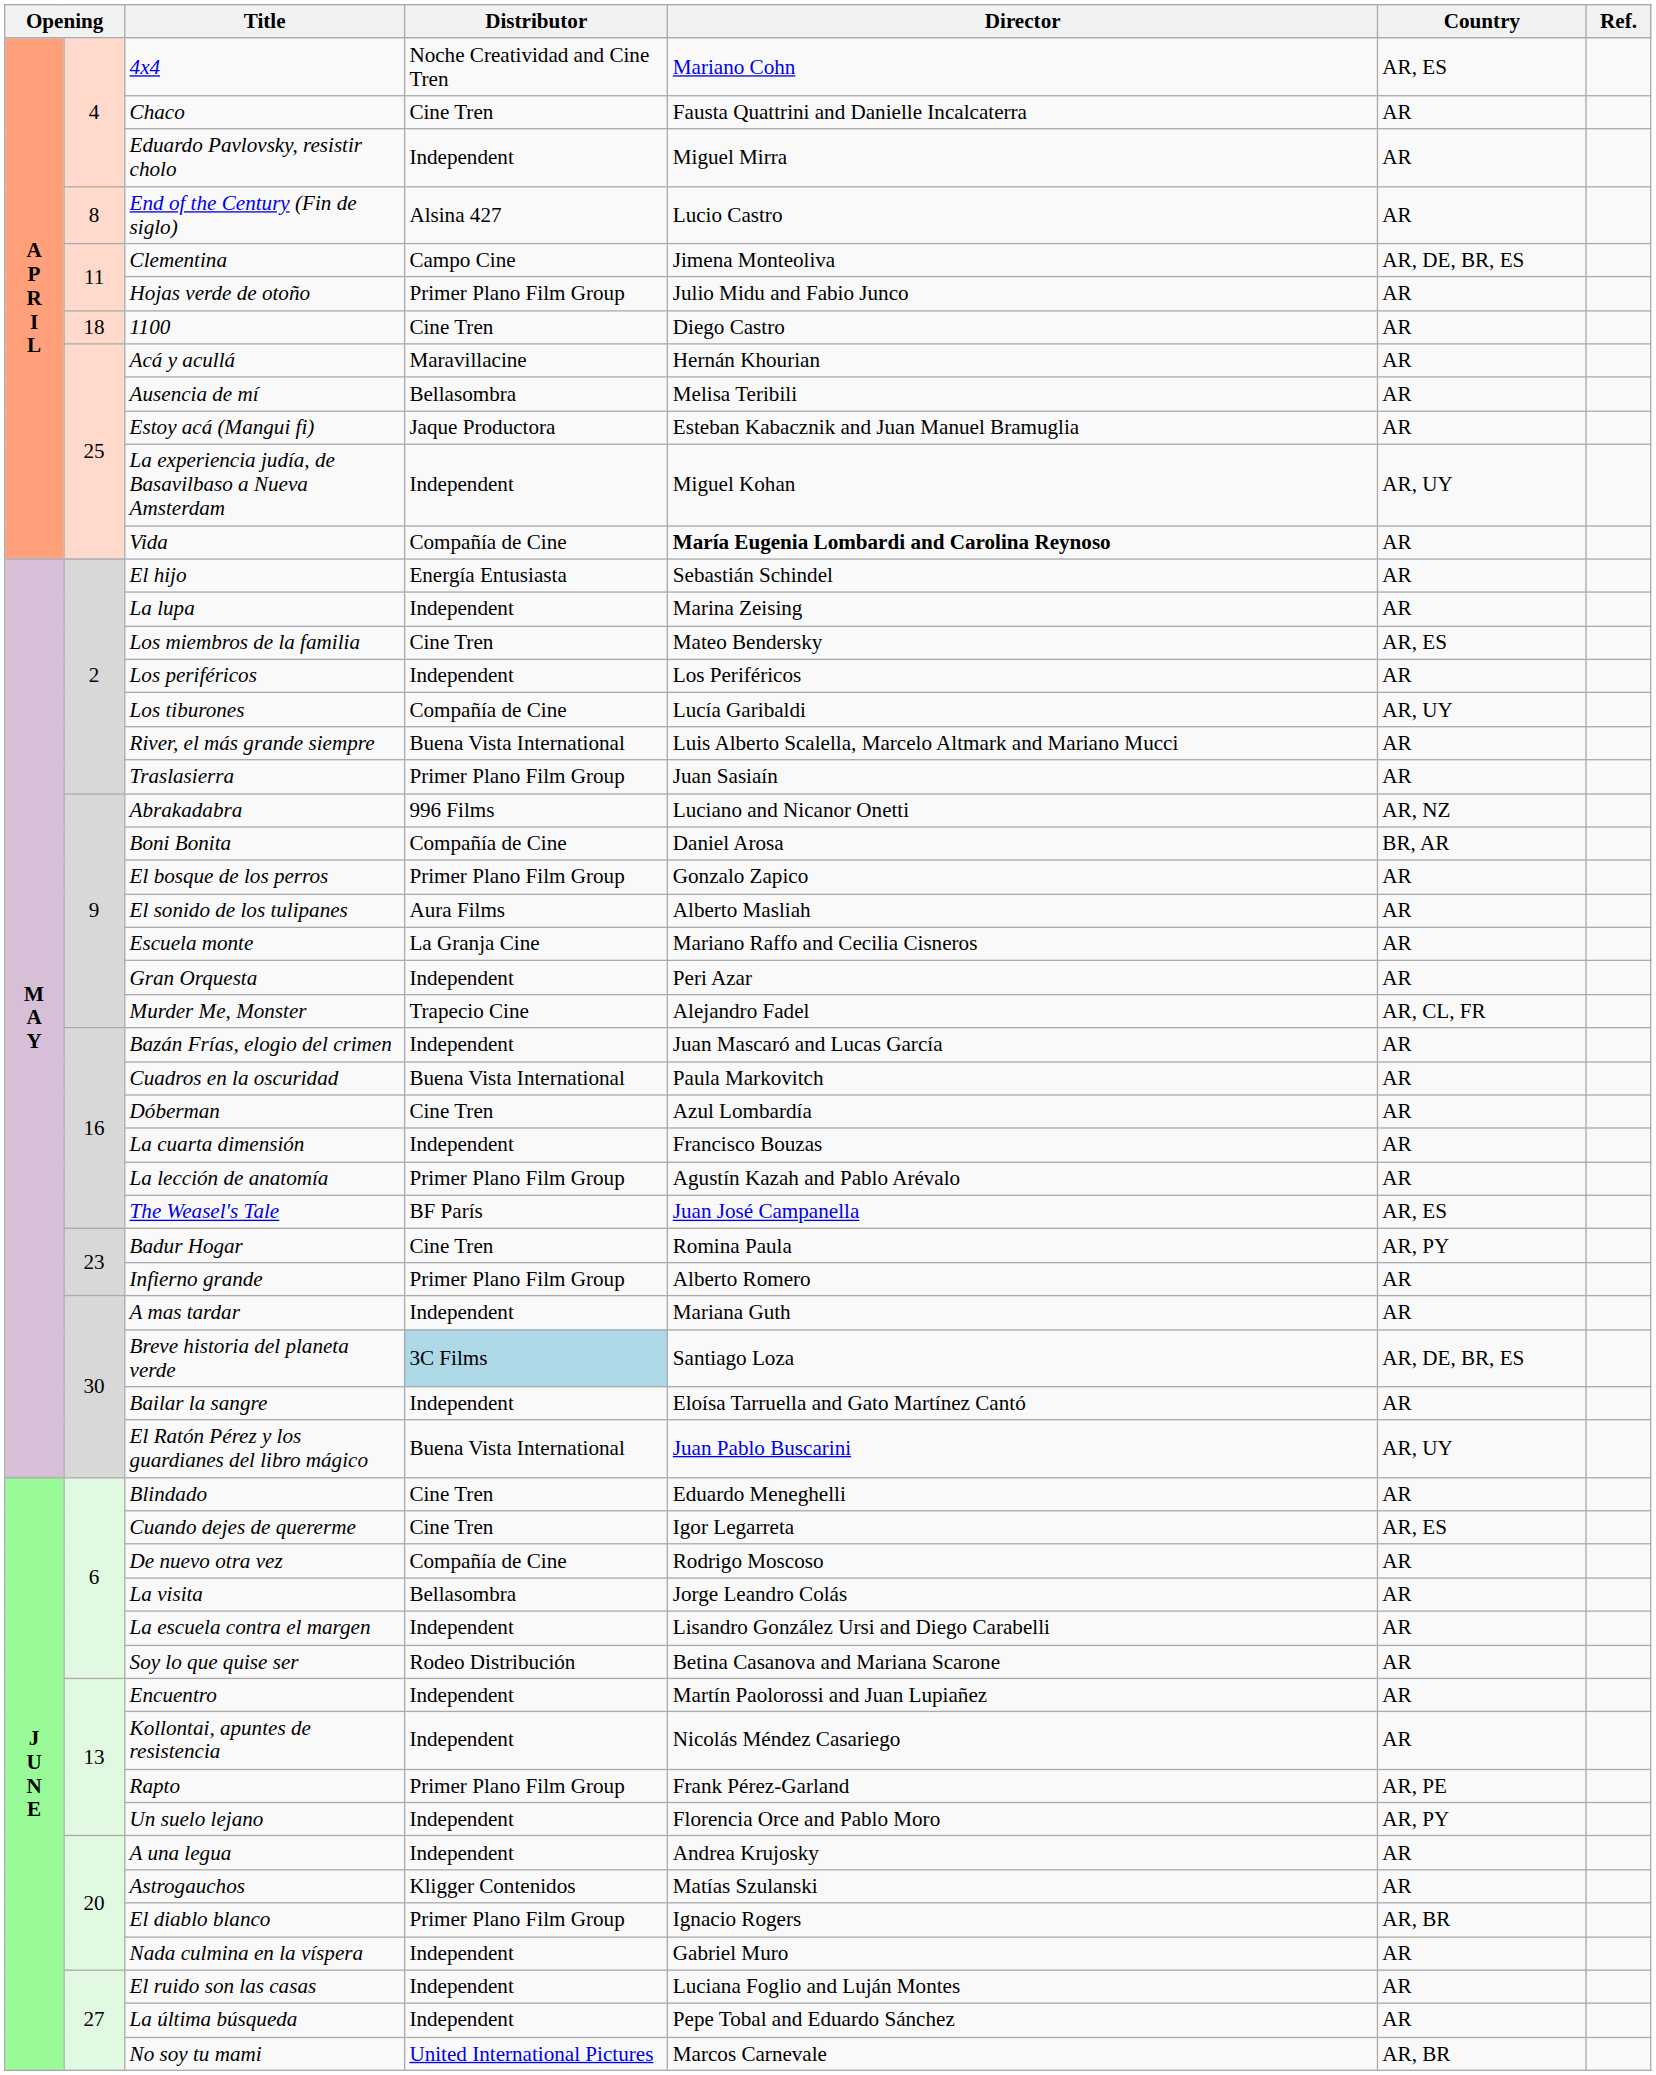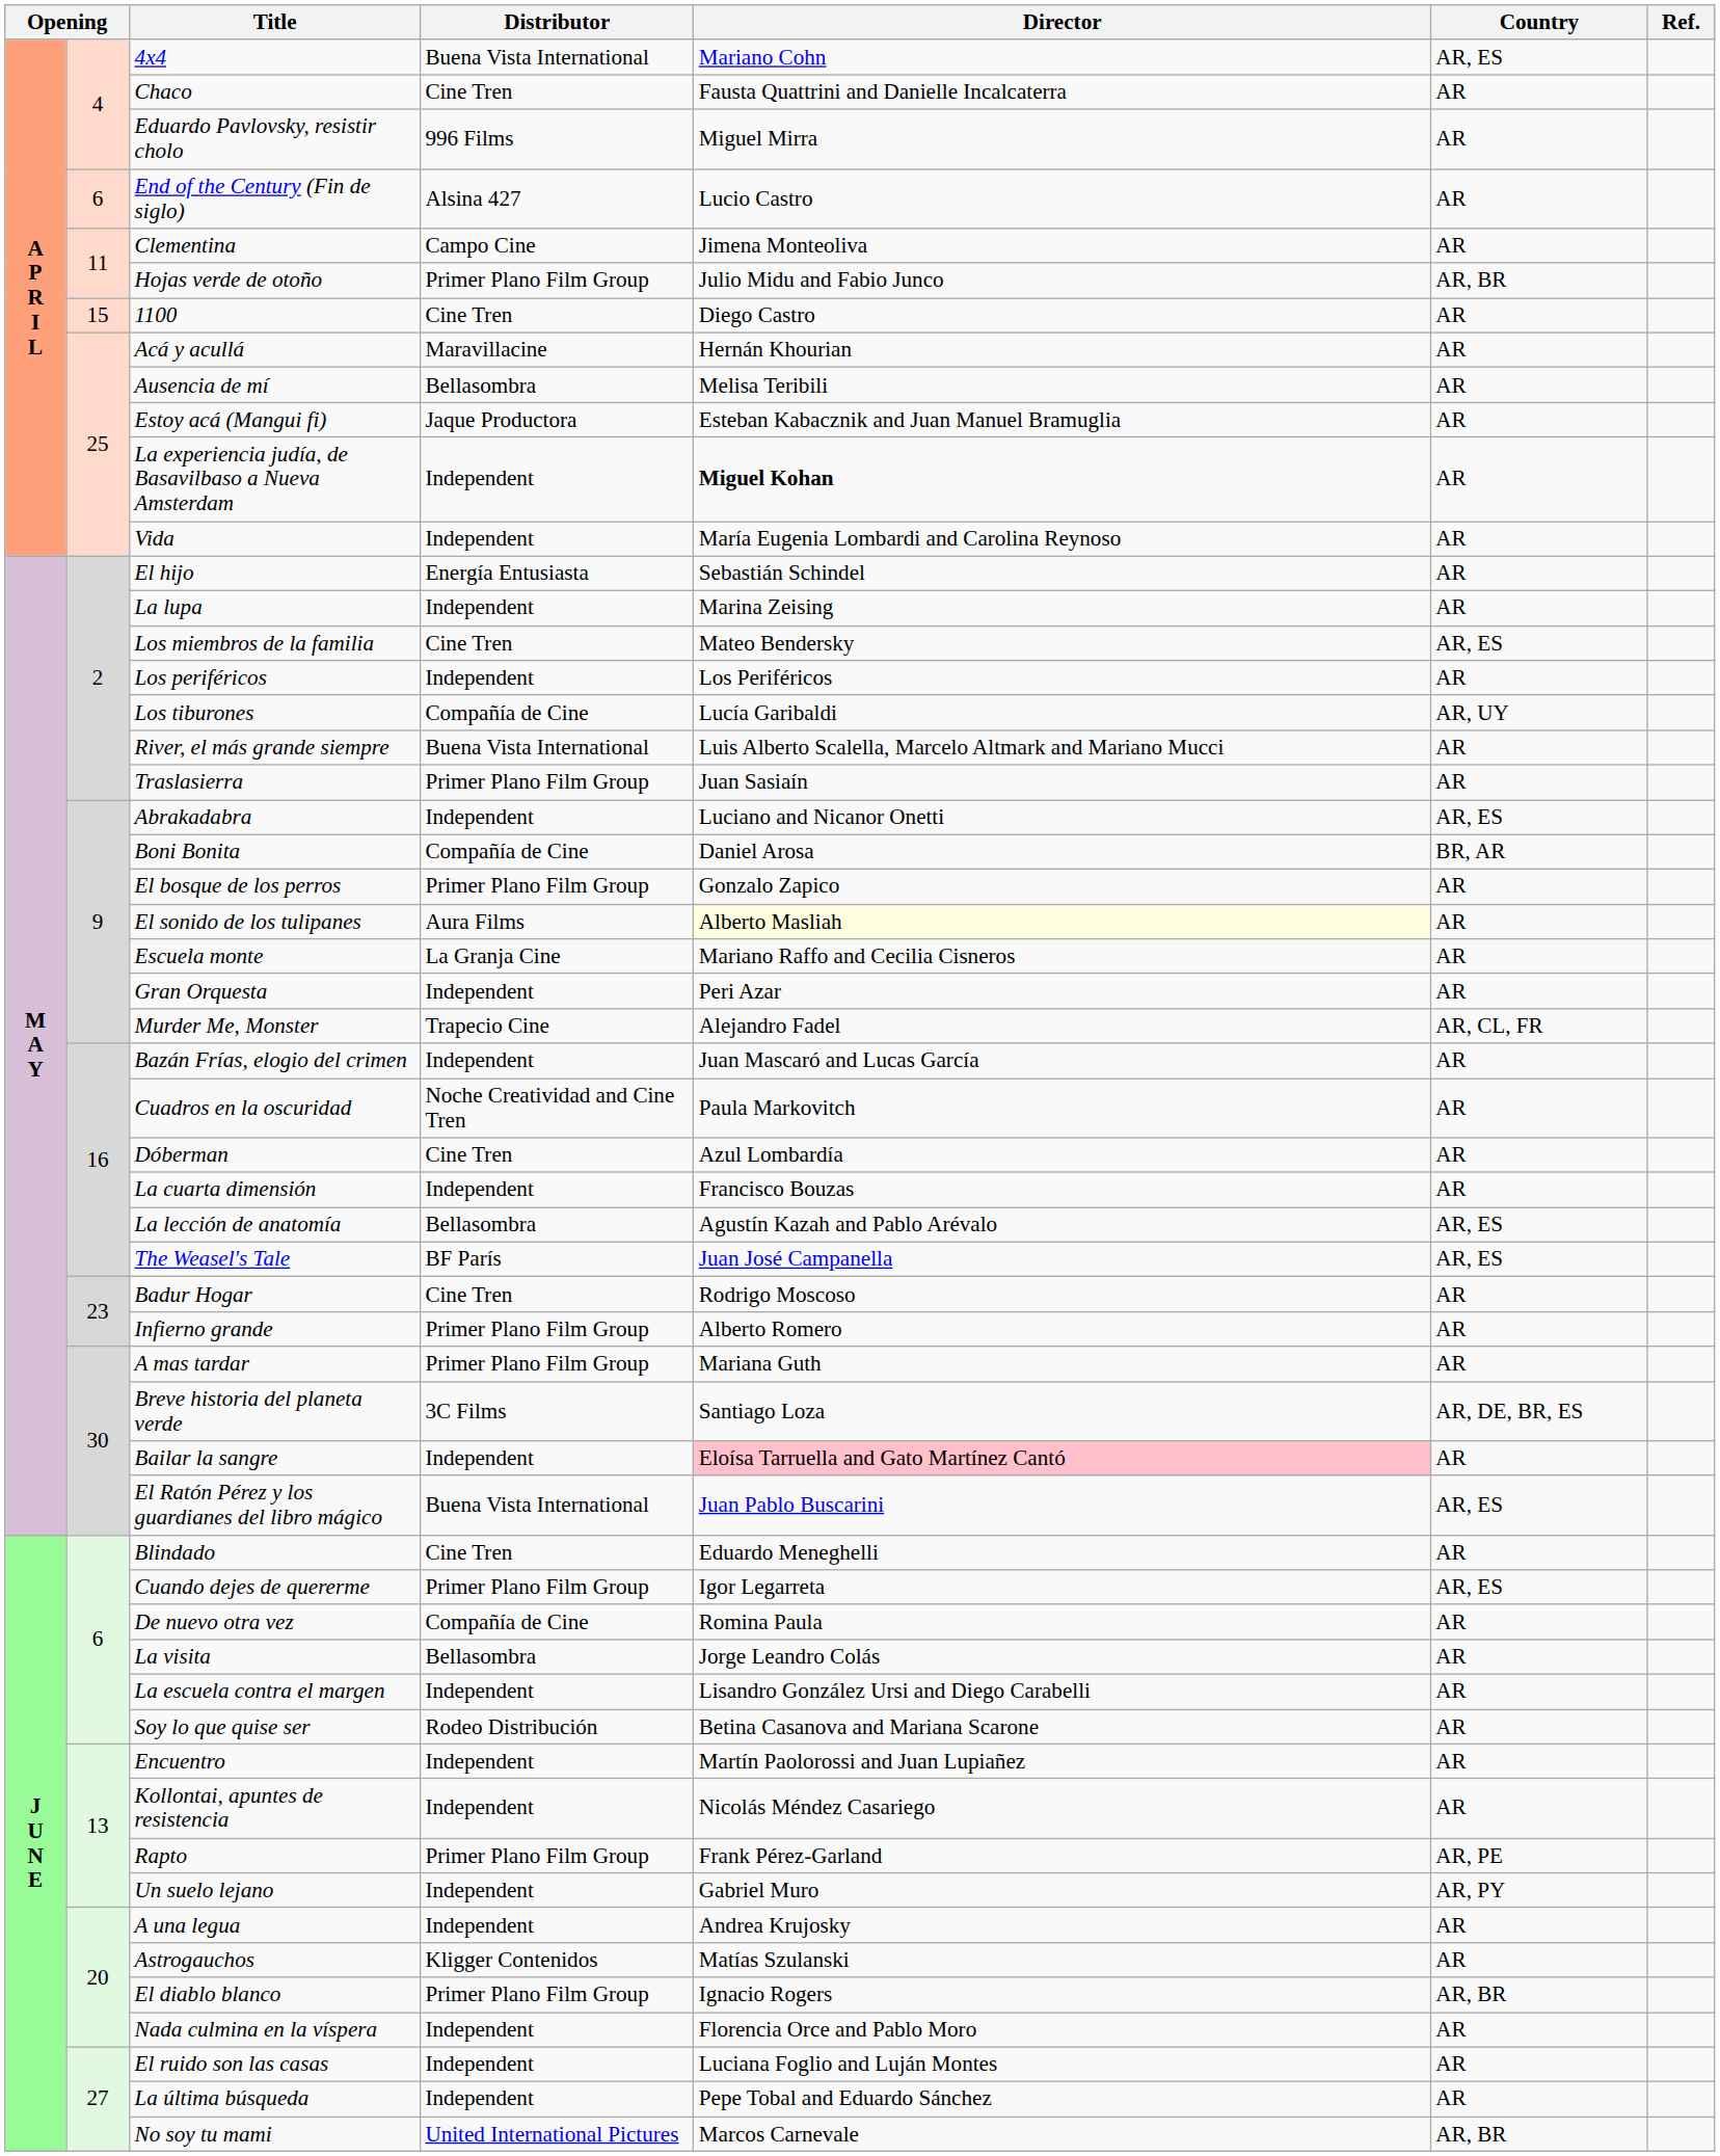 <table class="wikitable sortable">
 <tr style="background:#b0e0e6; text-align:center;">
 <th colspan="2">Opening</th>
 <th style="width:17%;">Title</th>
 <th style="width:16%;">Distributor</th>
 <th>Director</th>
 <th>Country</th>
 <th>Ref.</th>
 </tr>
 <tr>
 <th rowspan="12" style="text-align:center; background:#ffa07a; textcolor:#000;">A<br>P<br>R<br>I<br>L</th>
 <td rowspan="3" style="text-align:center; background:#ffdacc;">4</td>
 <td><em><a href='#'>4x4</a></em></td>
-<td>Noche Creatividad and Cine Tren</td>
+<td>Buena Vista International</td>
 <td><a href='#'>Mariano Cohn</a></td>
 <td>AR, ES</td>
 <td></td>
 </tr>
 <tr>
 <td><em>Chaco</em></td>
 <td>Cine Tren</td>
 <td>Fausta Quattrini and Danielle Incalcaterra</td>
 <td>AR</td>
 <td></td>
 </tr>
 <tr>
 <td><em>Eduardo Pavlovsky, resistir cholo</em></td>
-<td>Independent</td>
+<td>996 Films</td>
 <td>Miguel Mirra</td>
 <td>AR</td>
 <td></td>
 </tr>
 <tr>
-<td rowspan="1" style="text-align:center; background:#ffdacc;">8</td>
+<td rowspan="1" style="text-align:center; background:#ffdacc;">6</td>
 <td><em><a href='#'>End of the Century</a> (Fin de siglo)</em></td>
 <td>Alsina 427</td>
 <td>Lucio Castro</td>
 <td>AR</td>
 <td></td>
 </tr>
 <tr>
 <td rowspan="2" style="text-align:center; background:#ffdacc;">11</td>
 <td><em>Clementina</em></td>
 <td>Campo Cine</td>
 <td>Jimena Monteoliva</td>
-<td>AR, DE, BR, ES</td>
+<td>AR</td>
 <td></td>
 </tr>
 <tr>
 <td><em>Hojas verde de otoño</em></td>
 <td>Primer Plano Film Group</td>
 <td>Julio Midu and Fabio Junco</td>
-<td>AR</td>
+<td>AR, BR</td>
 <td></td>
 </tr>
 <tr>
-<td style="text-align:center; background:#ffdacc;">18</td>
+<td style="text-align:center; background:#ffdacc;">15</td>
 <td><em>1100</em></td>
 <td>Cine Tren</td>
 <td>Diego Castro</td>
 <td>AR</td>
 <td></td>
 </tr>
 <tr>
 <td rowspan="5" style="text-align:center; background:#ffdacc;">25</td>
 <td><em>Acá y acullá</em></td>
 <td>Maravillacine</td>
 <td>Hernán Khourian</td>
 <td>AR</td>
 <td></td>
 </tr>
 <tr>
 <td><em>Ausencia de mí</em></td>
 <td>Bellasombra</td>
 <td>Melisa Teribili</td>
 <td>AR</td>
 <td></td>
 </tr>
 <tr>
 <td><em>Estoy acá (Mangui fi)</em></td>
 <td>Jaque Productora</td>
 <td>Esteban Kabacznik and Juan Manuel Bramuglia</td>
 <td>AR</td>
 <td></td>
 </tr>
 <tr>
 <td><em>La experiencia judía, de Basavilbaso a Nueva Amsterdam</em></td>
 <td>Independent</td>
-<td>Miguel Kohan</td>
-<td>AR, UY</td>
+<td><strong>Miguel Kohan</strong></td>
+<td>AR</td>
 <td></td>
 </tr>
 <tr>
 <td><em>Vida</em></td>
-<td>Compañía de Cine</td>
-<td><strong>María Eugenia Lombardi and Carolina Reynoso</strong></td>
+<td>Independent</td>
+<td>María Eugenia Lombardi and Carolina Reynoso</td>
 <td>AR</td>
 <td></td>
 </tr>
 <tr>
 <th rowspan="26" style="text-align:center; background:thistle; textcolor:#000;">M<br>A<br>Y</th>
 <td rowspan="7" style="text-align:center; background:#d8d8d8;">2</td>
 <td><em>El hijo</em></td>
 <td>Energía Entusiasta</td>
 <td>Sebastián Schindel</td>
 <td>AR</td>
 <td></td>
 </tr>
 <tr>
 <td><em>La lupa</em></td>
 <td>Independent</td>
 <td>Marina Zeising</td>
 <td>AR</td>
 <td></td>
 </tr>
 <tr>
 <td><em>Los miembros de la familia</em></td>
 <td>Cine Tren</td>
 <td>Mateo Bendersky</td>
 <td>AR, ES</td>
 <td></td>
 </tr>
 <tr>
 <td><em>Los periféricos</em></td>
 <td>Independent</td>
 <td>Los Periféricos</td>
 <td>AR</td>
 <td></td>
 </tr>
 <tr>
 <td><em>Los tiburones</em></td>
 <td>Compañía de Cine</td>
 <td>Lucía Garibaldi</td>
 <td>AR, UY</td>
 <td></td>
 </tr>
 <tr>
 <td><em>River, el más grande siempre</em></td>
 <td>Buena Vista International</td>
 <td>Luis Alberto Scalella, Marcelo Altmark and Mariano Mucci</td>
 <td>AR</td>
 <td></td>
 </tr>
 <tr>
 <td><em>Traslasierra</em></td>
 <td>Primer Plano Film Group</td>
 <td>Juan Sasiaín</td>
 <td>AR</td>
 <td></td>
 </tr>
 <tr>
 <td rowspan="7" style="text-align:center; background:#d8d8d8;">9</td>
 <td><em>Abrakadabra</em></td>
-<td>996 Films</td>
+<td>Independent</td>
 <td>Luciano and Nicanor Onetti</td>
-<td>AR, NZ</td>
+<td>AR, ES</td>
 <td></td>
 </tr>
 <tr>
 <td><em>Boni Bonita</em></td>
 <td>Compañía de Cine</td>
 <td>Daniel Arosa</td>
 <td>BR, AR</td>
 <td></td>
 </tr>
 <tr>
 <td><em>El bosque de los perros</em></td>
 <td>Primer Plano Film Group</td>
 <td>Gonzalo Zapico</td>
 <td>AR</td>
 <td></td>
 </tr>
 <tr>
 <td><em>El sonido de los tulipanes</em></td>
 <td>Aura Films</td>
-<td>Alberto Masliah</td>
+<td style="background: lightyellow;">Alberto Masliah</td>
 <td>AR</td>
 <td></td>
 </tr>
 <tr>
 <td><em>Escuela monte</em></td>
 <td>La Granja Cine</td>
 <td>Mariano Raffo and Cecilia Cisneros</td>
 <td>AR</td>
 <td></td>
 </tr>
 <tr>
 <td><em>Gran Orquesta</em></td>
 <td>Independent</td>
 <td>Peri Azar</td>
 <td>AR</td>
 <td></td>
 </tr>
 <tr>
 <td><em>Murder Me, Monster</em></td>
 <td>Trapecio Cine</td>
 <td>Alejandro Fadel</td>
 <td>AR, CL, FR</td>
 <td></td>
 </tr>
 <tr>
 <td rowspan="6" style="text-align:center; background:#d8d8d8;">16</td>
 <td><em>Bazán Frías, elogio del crimen</em></td>
 <td>Independent</td>
 <td>Juan Mascaró and Lucas García</td>
 <td>AR</td>
 <td></td>
 </tr>
 <tr>
 <td><em>Cuadros en la oscuridad</em></td>
-<td>Buena Vista International</td>
+<td>Noche Creatividad and Cine Tren</td>
 <td>Paula Markovitch</td>
 <td>AR</td>
 <td></td>
 </tr>
 <tr>
 <td><em>Dóberman</em></td>
 <td>Cine Tren </td>
 <td>Azul Lombardía</td>
 <td>AR</td>
 <td></td>
 </tr>
 <tr>
 <td><em>La cuarta dimensión</em></td>
 <td>Independent</td>
 <td>Francisco Bouzas</td>
 <td>AR</td>
 <td></td>
 </tr>
 <tr>
 <td><em>La lección de anatomía</em></td>
-<td>Primer Plano Film Group</td>
+<td>Bellasombra</td>
 <td>Agustín Kazah and Pablo Arévalo</td>
-<td>AR</td>
+<td>AR, ES</td>
 <td></td>
 </tr>
 <tr>
 <td><em><a href='#'>The Weasel's Tale</a></em></td>
 <td>BF París</td>
 <td><a href='#'>Juan José Campanella</a></td>
 <td>AR, ES</td>
 <td></td>
 </tr>
 <tr>
 <td rowspan="2" style="text-align:center; background:#d8d8d8;">23</td>
 <td><em>Badur Hogar</em></td>
 <td>Cine Tren</td>
-<td>Romina Paula</td>
-<td>AR, PY</td>
+<td>Rodrigo Moscoso</td>
+<td>AR</td>
 <td></td>
 </tr>
 <tr>
 <td><em>Infierno grande</em></td>
 <td>Primer Plano Film Group</td>
 <td>Alberto Romero</td>
 <td>AR</td>
 <td></td>
 </tr>
 <tr>
 <td rowspan="4" style="text-align:center; background:#d8d8d8;">30</td>
 <td><em>A mas tardar</em></td>
-<td>Independent</td>
+<td>Primer Plano Film Group</td>
 <td>Mariana Guth</td>
 <td>AR</td>
 <td></td>
 </tr>
 <tr>
 <td><em>Breve historia del planeta verde</em></td>
-<td style="background: lightblue;">3C Films</td>
+<td>3C Films</td>
 <td>Santiago Loza</td>
 <td>AR, DE, BR, ES</td>
 <td></td>
 </tr>
 <tr>
 <td><em>Bailar la sangre</em></td>
 <td>Independent</td>
-<td>Eloísa Tarruella and Gato Martínez Cantó</td>
+<td style="background: pink;">Eloísa Tarruella and Gato Martínez Cantó</td>
 <td>AR</td>
 <td></td>
 </tr>
 <tr>
 <td><em>El Ratón Pérez y los guardianes del libro mágico</em></td>
 <td>Buena Vista International</td>
 <td><a href='#'>Juan Pablo Buscarini</a></td>
-<td>AR, UY</td>
+<td>AR, ES</td>
 <td></td>
 </tr>
 <tr>
 <th rowspan="17" style="text-align:center; background:#98fb98; textcolor:#000;">J<br>U<br>N<br>E</th>
 <td rowspan="6" style="text-align:center; background:#e0f9e0;">6</td>
 <td><em>Blindado</em></td>
 <td>Cine Tren</td>
 <td>Eduardo Meneghelli</td>
 <td>AR</td>
 <td></td>
 </tr>
 <tr>
 <td><em>Cuando dejes de quererme</em></td>
-<td>Cine Tren</td>
+<td>Primer Plano Film Group</td>
 <td>Igor Legarreta</td>
 <td>AR, ES</td>
 <td></td>
 </tr>
 <tr>
 <td><em>De nuevo otra vez</em></td>
 <td>Compañía de Cine</td>
-<td>Rodrigo Moscoso</td>
+<td>Romina Paula</td>
 <td>AR</td>
 <td></td>
 </tr>
 <tr>
 <td><em>La visita</em></td>
 <td>Bellasombra</td>
 <td>Jorge Leandro Colás</td>
 <td>AR</td>
 <td></td>
 </tr>
 <tr>
 <td><em>La escuela contra el margen</em></td>
 <td>Independent</td>
 <td>Lisandro González Ursi and Diego Carabelli</td>
 <td>AR</td>
 <td></td>
 </tr>
 <tr>
 <td><em>Soy lo que quise ser</em></td>
 <td>Rodeo Distribución</td>
 <td>Betina Casanova and Mariana Scarone</td>
 <td>AR</td>
 <td></td>
 </tr>
 <tr>
 <td rowspan="4" style="text-align:center; background:#e0f9e0;">13</td>
 <td><em>Encuentro</em></td>
 <td>Independent</td>
 <td>Martín Paolorossi and Juan Lupiañez</td>
 <td>AR</td>
 <td></td>
 </tr>
 <tr>
 <td><em>Kollontai, apuntes de resistencia</em></td>
 <td>Independent</td>
 <td>Nicolás Méndez Casariego</td>
 <td>AR</td>
 <td></td>
 </tr>
 <tr>
 <td><em>Rapto</em></td>
 <td>Primer Plano Film Group</td>
 <td>Frank Pérez-Garland</td>
 <td>AR, PE</td>
 <td></td>
 </tr>
 <tr>
 <td><em>Un suelo lejano</em></td>
 <td>Independent</td>
-<td>Florencia Orce and Pablo Moro</td>
+<td>Gabriel Muro</td>
 <td>AR, PY</td>
 <td></td>
 </tr>
 <tr>
 <td rowspan="4" style="text-align:center; background:#e0f9e0;">20</td>
 <td><em>A una legua</em></td>
 <td>Independent</td>
 <td>Andrea Krujosky</td>
 <td>AR</td>
 <td></td>
 </tr>
 <tr>
 <td><em>Astrogauchos</em></td>
 <td>Kligger Contenidos</td>
 <td>Matías Szulanski</td>
 <td>AR</td>
 <td></td>
 </tr>
 <tr>
 <td><em>El diablo blanco</em></td>
 <td>Primer Plano Film Group</td>
 <td>Ignacio Rogers</td>
 <td>AR, BR</td>
 <td></td>
 </tr>
 <tr>
 <td><em>Nada culmina en la víspera</em></td>
 <td>Independent</td>
-<td>Gabriel Muro</td>
+<td>Florencia Orce and Pablo Moro</td>
 <td>AR</td>
 <td></td>
 </tr>
 <tr>
 <td rowspan="3" style="text-align:center; background:#e0f9e0;">27</td>
 <td><em>El ruido son las casas</em></td>
 <td>Independent</td>
 <td>Luciana Foglio and Luján Montes</td>
 <td>AR</td>
 <td></td>
 </tr>
 <tr>
 <td><em>La última búsqueda</em></td>
 <td>Independent</td>
 <td>Pepe Tobal and Eduardo Sánchez</td>
 <td>AR</td>
 <td></td>
 </tr>
 <tr>
 <td><em>No soy tu mami</em></td>
 <td><a href='#'>United International Pictures</a></td>
 <td>Marcos Carnevale</td>
 <td>AR, BR</td>
 <td></td>
 </tr>
 <tr>
 </tr>
 </table>
